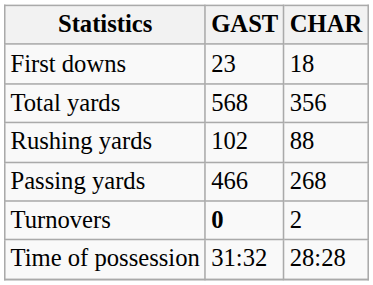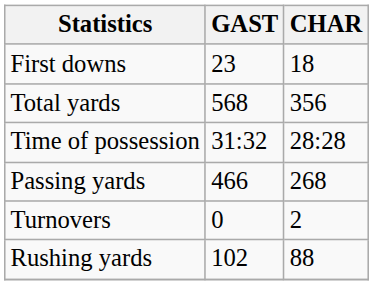 <table class="wikitable" style="float: left;">
 <tr>
 <th>Statistics</th>
 <th>GAST</th>
 <th>CHAR</th>
 </tr>
 <tr>
 <td>First downs</td>
 <td>23</td>
 <td>18</td>
 </tr>
 <tr>
 <td>Total yards</td>
 <td>568</td>
 <td>356</td>
 </tr>
 <tr>
-<td>Rushing yards</td>
-<td>102</td>
-<td>88</td>
+<td>Time of possession</td>
+<td>31:32</td>
+<td>28:28</td>
 </tr>
 <tr>
 <td>Passing yards</td>
 <td>466</td>
 <td>268</td>
 </tr>
 <tr>
 <td>Turnovers</td>
-<td><strong>0</strong></td>
+<td>0</td>
 <td>2</td>
 </tr>
 <tr>
-<td>Time of possession</td>
-<td>31:32</td>
-<td>28:28</td>
+<td>Rushing yards</td>
+<td>102</td>
+<td>88</td>
 </tr>
 <tr>
 </tr>
 </table>
